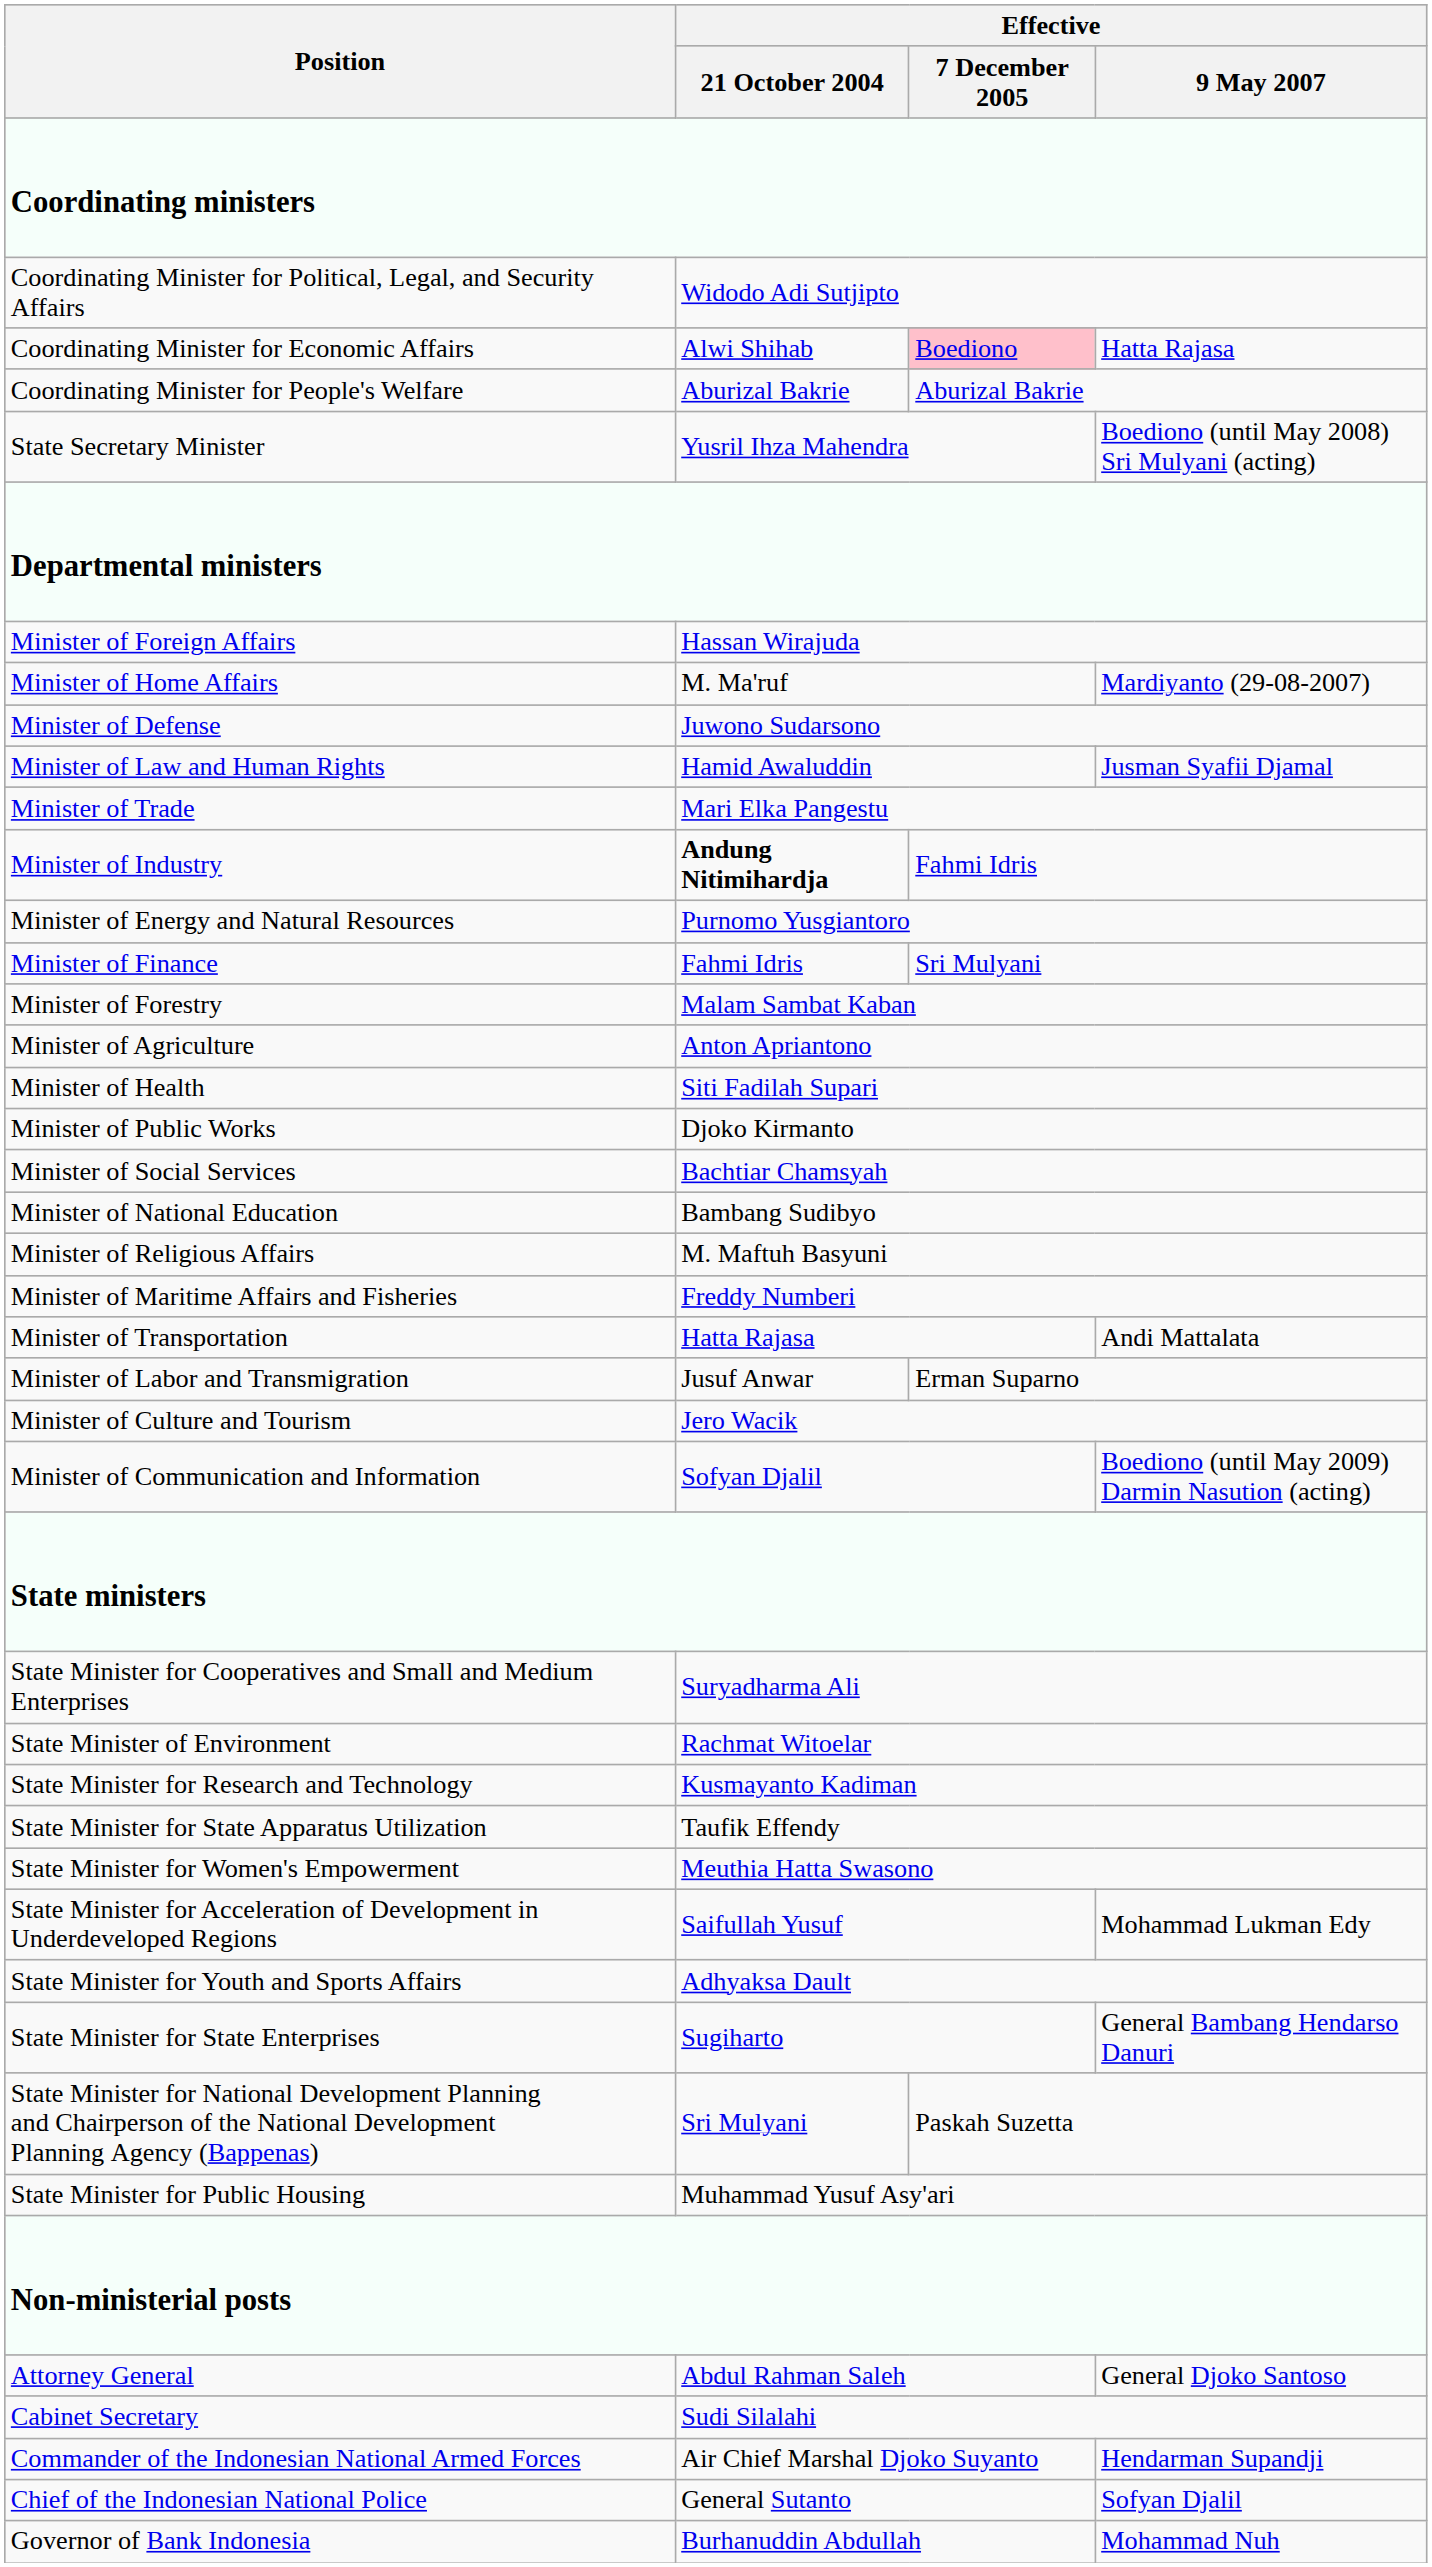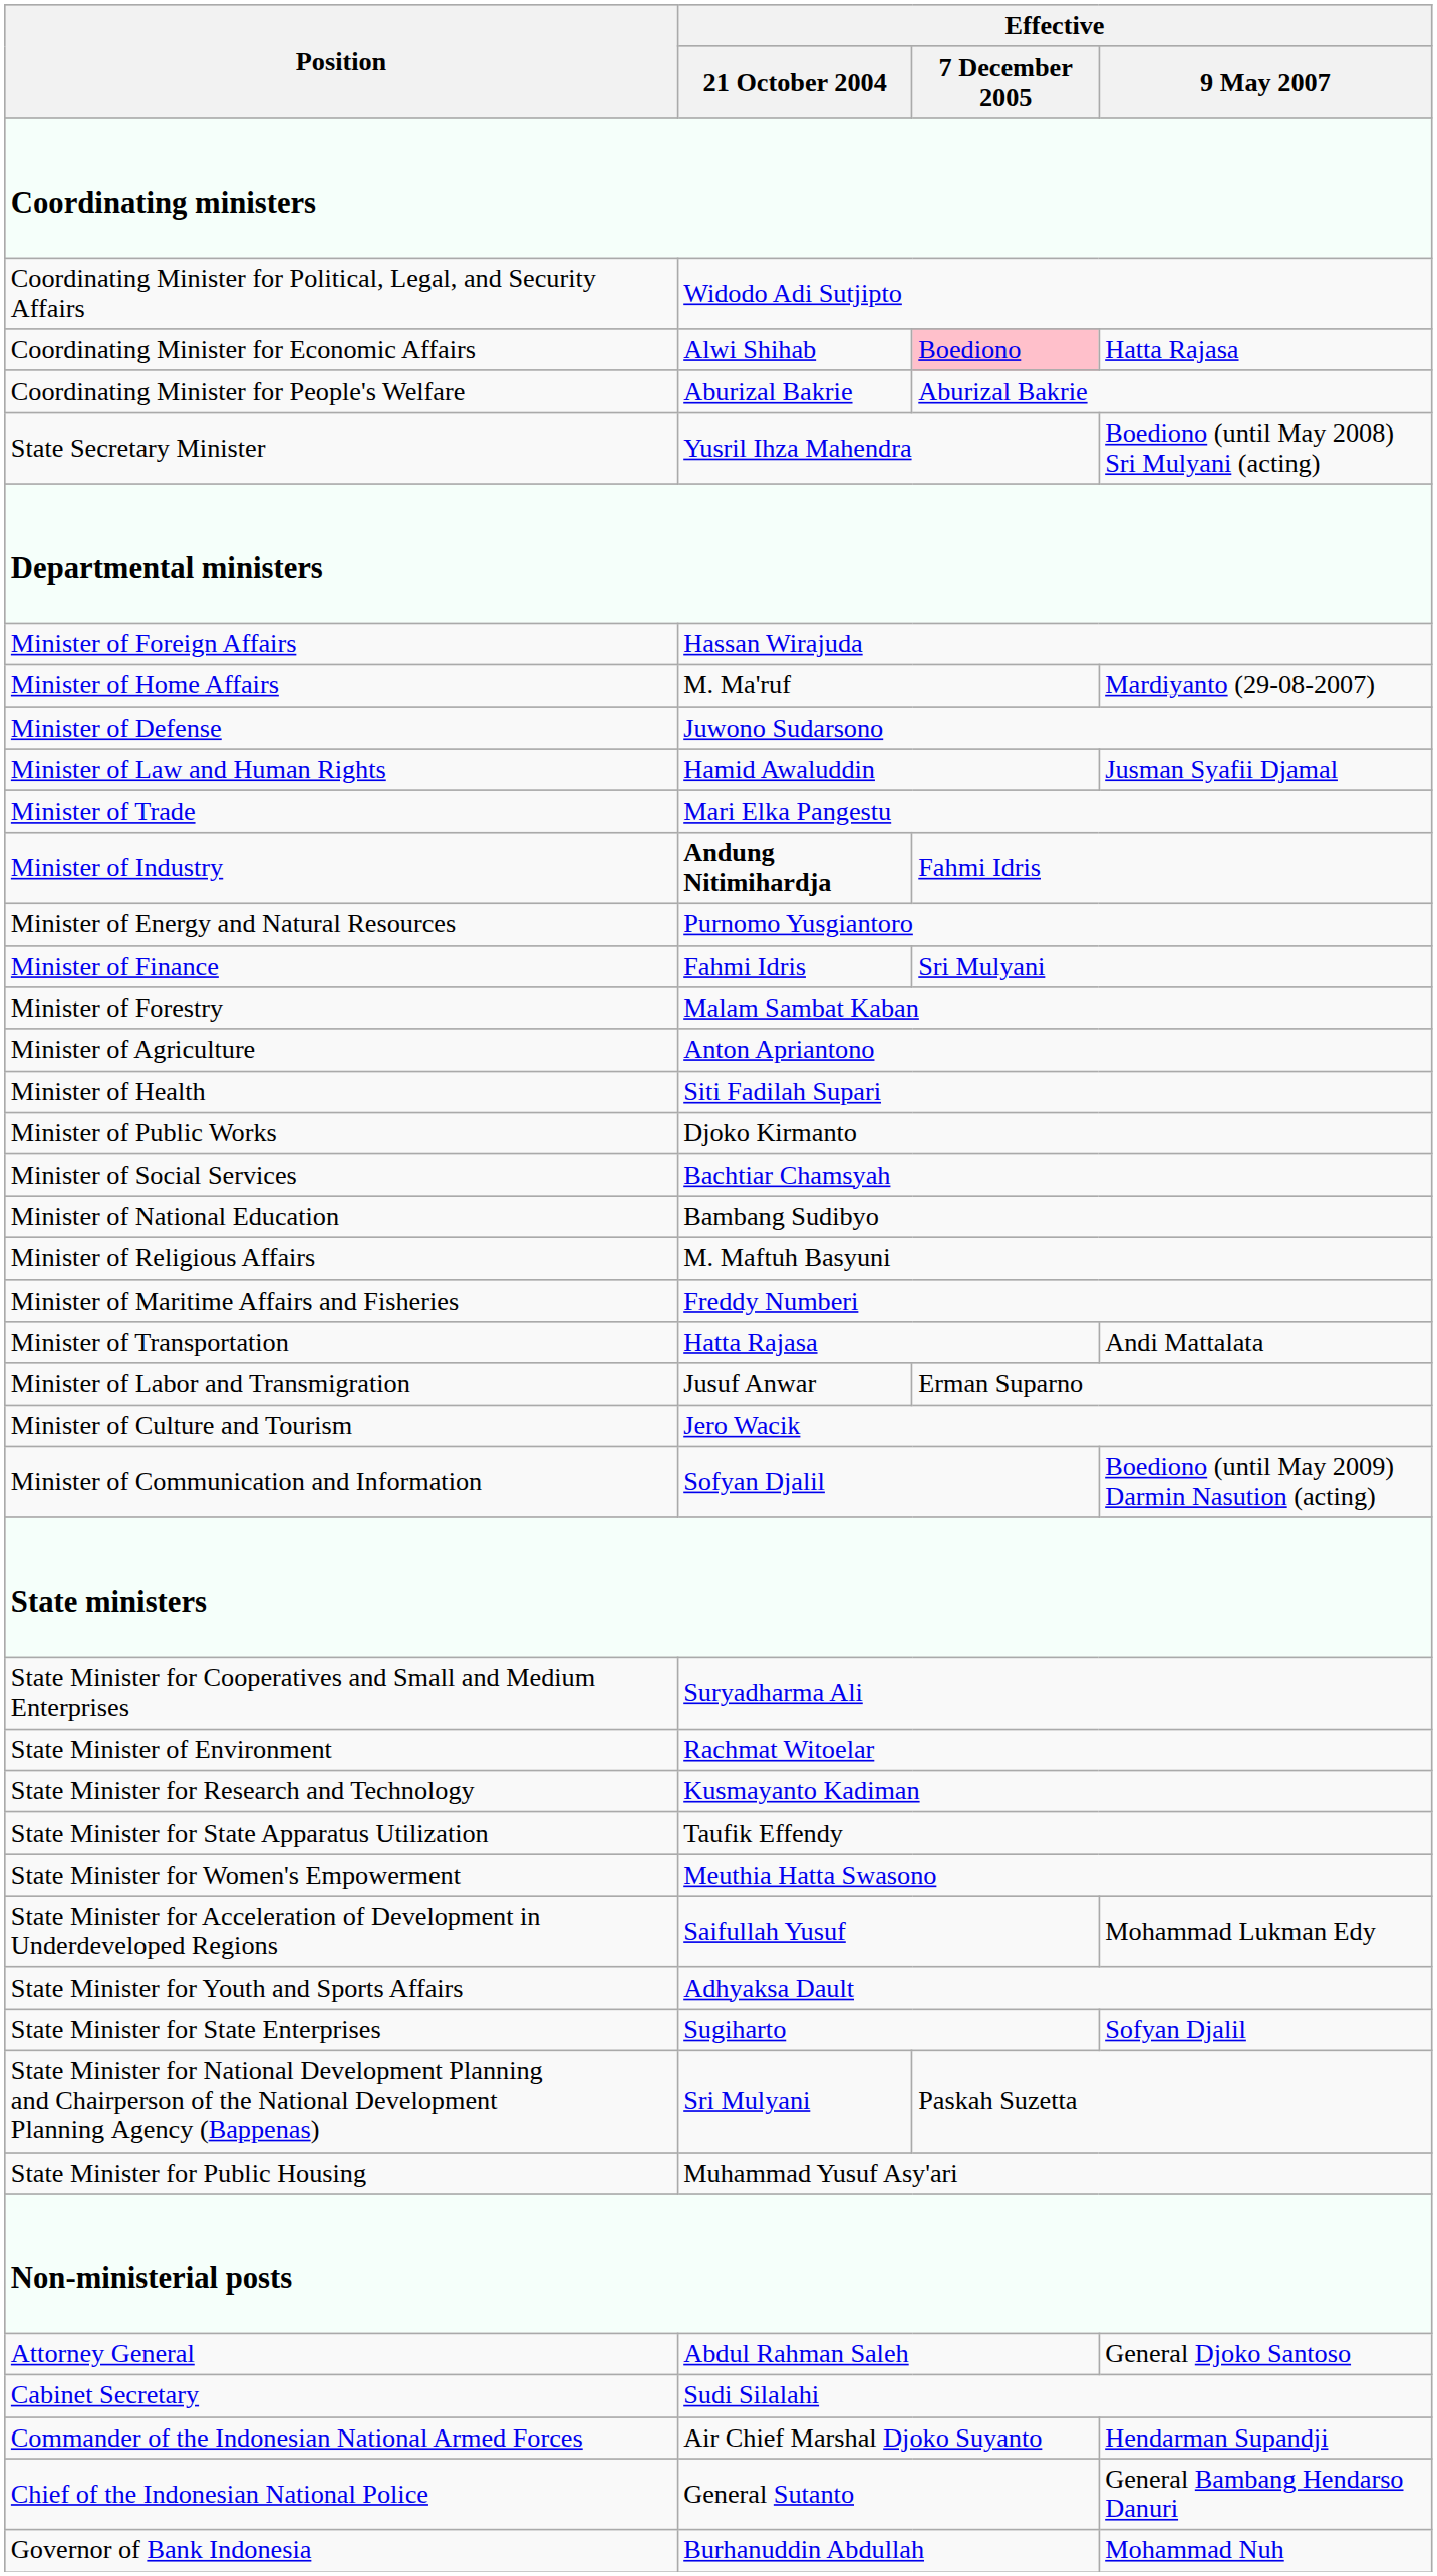 <table class="wikitable">
 <tr>
 <th rowspan=2>Position</th>
 <th colspan=3>Effective</th>
 </tr>
 <tr>
 <th>21 October 2004</th>
 <th>7 December 2005</th>
 <th>9 May 2007</th>
 </tr>
 <tr bgcolor=MintCream>
 <td colspan=4><br><h3>Coordinating ministers</h3></td>
 </tr>
 <tr>
 <td>Coordinating Minister for Political, Legal, and Security Affairs</td>
 <td colspan=3><a href='#'>Widodo Adi Sutjipto</a></td>
 </tr>
 <tr>
 <td>Coordinating Minister for Economic Affairs</td>
 <td><a href='#'>Alwi Shihab</a></td>
 <td style="background: pink;"><a href='#'>Boediono</a></td>
 <td><a href='#'>Hatta Rajasa</a></td>
 </tr>
 <tr>
 <td>Coordinating Minister for People's Welfare</td>
 <td><a href='#'>Aburizal Bakrie</a></td>
 <td colspan=2><a href='#'>Aburizal Bakrie</a></td>
 </tr>
 <tr>
 <td>State Secretary Minister</td>
 <td colspan=2><a href='#'>Yusril Ihza Mahendra</a></td>
 <td><a href='#'>Boediono</a> (until May 2008)<br><a href='#'>Sri Mulyani</a> (acting)</td>
 </tr>
 <tr bgcolor=MintCream>
 <td colspan=4><br><h3>Departmental ministers</h3></td>
 </tr>
 <tr>
 <td><a href='#'>Minister of Foreign Affairs</a></td>
 <td colspan=3><a href='#'>Hassan Wirajuda</a></td>
 </tr>
 <tr>
 <td><a href='#'>Minister of Home Affairs</a></td>
 <td colspan=2>M. Ma'ruf</td>
 <td><a href='#'>Mardiyanto</a> (29-08-2007)</td>
 </tr>
 <tr>
 <td><a href='#'>Minister of Defense</a></td>
 <td colspan=3><a href='#'>Juwono Sudarsono</a></td>
 </tr>
 <tr>
 <td><a href='#'>Minister of Law and Human Rights</a></td>
 <td colspan=2><a href='#'>Hamid Awaluddin</a></td>
 <td><a href='#'>Jusman Syafii Djamal</a></td>
 </tr>
 <tr>
 <td><a href='#'>Minister of Trade</a></td>
 <td colspan=3><a href='#'>Mari Elka Pangestu</a></td>
 </tr>
 <tr>
 <td><a href='#'>Minister of Industry</a></td>
 <td><strong>Andung Nitimihardja</strong></td>
 <td colspan=2><a href='#'>Fahmi Idris</a></td>
 </tr>
 <tr>
 <td>Minister of Energy and Natural Resources</td>
 <td colspan=3><a href='#'>Purnomo Yusgiantoro</a></td>
 </tr>
 <tr>
 <td><a href='#'>Minister of Finance</a></td>
 <td><a href='#'>Fahmi Idris</a></td>
 <td colspan=2><a href='#'>Sri Mulyani</a></td>
 </tr>
 <tr>
 <td>Minister of Forestry</td>
 <td colspan=3><a href='#'>Malam Sambat Kaban</a></td>
 </tr>
 <tr>
 <td>Minister of Agriculture</td>
 <td colspan=3><a href='#'>Anton Apriantono</a></td>
 </tr>
 <tr>
 <td>Minister of Health</td>
 <td colspan=3><a href='#'>Siti Fadilah Supari</a></td>
 </tr>
 <tr>
 <td>Minister of Public Works</td>
 <td colspan=3>Djoko Kirmanto</td>
 </tr>
 <tr>
 <td>Minister of Social Services</td>
 <td colspan=3><a href='#'>Bachtiar Chamsyah</a></td>
 </tr>
 <tr>
 <td>Minister of National Education</td>
 <td colspan=3>Bambang Sudibyo</td>
 </tr>
 <tr>
 <td>Minister of Religious Affairs</td>
 <td colspan=3>M. Maftuh Basyuni</td>
 </tr>
 <tr>
 <td>Minister of Maritime Affairs and Fisheries</td>
 <td colspan=3><a href='#'>Freddy Numberi</a></td>
 </tr>
 <tr>
 <td>Minister of Transportation</td>
 <td colspan=2><a href='#'>Hatta Rajasa</a></td>
 <td>Andi Mattalata</td>
 </tr>
 <tr>
 <td>Minister of Labor and Transmigration</td>
 <td>Jusuf Anwar</td>
 <td colspan=2>Erman Suparno</td>
 </tr>
 <tr>
 <td>Minister of Culture and Tourism</td>
 <td colspan=3><a href='#'>Jero Wacik</a></td>
 </tr>
 <tr>
 <td>Minister of Communication and Information</td>
 <td colspan=2><a href='#'>Sofyan Djalil</a></td>
 <td><a href='#'>Boediono</a> (until May 2009)<br><a href='#'>Darmin Nasution</a> (acting)</td>
 </tr>
 <tr bgcolor=MintCream>
 <td colspan=4><br><h3>State ministers</h3></td>
 </tr>
 <tr>
 <td>State Minister for Cooperatives and Small and Medium Enterprises</td>
 <td colspan=3><a href='#'>Suryadharma Ali</a></td>
 </tr>
 <tr>
 <td State Minister of Environment (Indonesia)>State Minister of Environment</td>
 <td colspan=3><a href='#'>Rachmat Witoelar</a></td>
 </tr>
 <tr>
 <td>State Minister for Research and Technology</td>
 <td colspan=3><a href='#'>Kusmayanto Kadiman</a></td>
 </tr>
 <tr>
 <td>State Minister for State Apparatus Utilization</td>
 <td colspan=3>Taufik Effendy</td>
 </tr>
 <tr>
 <td>State Minister for Women's Empowerment</td>
 <td colspan=3><a href='#'>Meuthia Hatta Swasono</a></td>
 </tr>
 <tr>
 <td>State Minister for Acceleration of Development in Underdeveloped Regions</td>
 <td colspan=2><a href='#'>Saifullah Yusuf</a></td>
 <td>Mohammad Lukman Edy</td>
 </tr>
 <tr>
 <td>State Minister for Youth and Sports Affairs</td>
 <td colspan=3><a href='#'>Adhyaksa Dault</a></td>
 </tr>
 <tr>
 <td>State Minister for State Enterprises</td>
 <td colspan=2><a href='#'>Sugiharto</a></td>
-<td>General <a href='#'>Bambang Hendarso Danuri</a></td>
+<td><a href='#'>Sofyan Djalil</a></td>
 </tr>
 <tr>
 <td>State Minister for National Development Planning<br>and Chairperson of the National Development Planning Agency (<a href='#'>Bappenas</a>)</td>
 <td><a href='#'>Sri Mulyani</a></td>
 <td colspan=2>Paskah Suzetta</td>
 </tr>
 <tr>
 <td>State Minister for Public Housing</td>
 <td colspan=3>Muhammad Yusuf Asy'ari</td>
 </tr>
 <tr bgcolor=MintCream>
 <td colspan=4><br><h3>Non-ministerial posts</h3></td>
 </tr>
 <tr>
 <td><a href='#'>Attorney General</a></td>
 <td colspan=2><a href='#'>Abdul Rahman Saleh</a></td>
 <td>General <a href='#'>Djoko Santoso</a></td>
 </tr>
 <tr>
 <td><a href='#'>Cabinet Secretary</a></td>
 <td colspan=3><a href='#'>Sudi Silalahi</a></td>
 </tr>
 <tr>
 <td><a href='#'>Commander of the Indonesian National Armed&nbsp;Forces</a></td>
 <td colspan=2>Air Chief Marshal <a href='#'>Djoko Suyanto</a></td>
 <td><a href='#'>Hendarman Supandji</a></td>
 </tr>
 <tr>
 <td><a href='#'>Chief of the Indonesian National Police</a></td>
 <td colspan=2>General <a href='#'>Sutanto</a></td>
-<td><a href='#'>Sofyan Djalil</a></td>
+<td>General <a href='#'>Bambang Hendarso Danuri</a></td>
 </tr>
 <tr>
 <td>Governor of <a href='#'>Bank Indonesia</a></td>
 <td colspan=2><a href='#'>Burhanuddin Abdullah</a></td>
 <td><a href='#'>Mohammad Nuh</a></td>
 </tr>
 </table>
